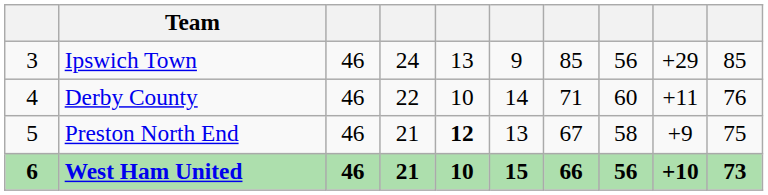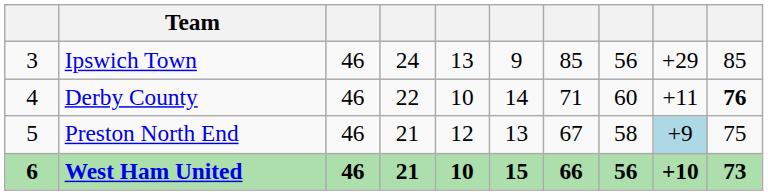 <table class="wikitable" style="text-align:center">
 <tr>
 <th width="30"></th>
 <th width="175">Team</th>
 <th width="30"></th>
 <th width="30"></th>
 <th width="30"></th>
 <th width="30"></th>
 <th width="30"></th>
 <th width="30"></th>
 <th width="30"></th>
 <th width="30"></th>
 </tr>
 <tr>
 <td>3</td>
 <td align=left><a href='#'>Ipswich Town</a></td>
 <td>46</td>
 <td>24</td>
 <td>13</td>
 <td>9</td>
 <td>85</td>
 <td>56</td>
 <td>+29</td>
 <td>85</td>
 </tr>
 <tr>
 <td>4</td>
 <td align=left><a href='#'>Derby County</a></td>
 <td>46</td>
 <td>22</td>
 <td>10</td>
 <td>14</td>
 <td>71</td>
 <td>60</td>
 <td>+11</td>
-<td>76</td>
+<td><strong>76</strong></td>
 </tr>
 <tr>
 <td>5</td>
 <td align=left><a href='#'>Preston North End</a></td>
 <td>46</td>
 <td>21</td>
-<td><strong>12</strong></td>
+<td>12</td>
 <td>13</td>
 <td>67</td>
 <td>58</td>
-<td>+9</td>
+<td style="background: lightblue;">+9</td>
 <td>75</td>
 </tr>
 <tr bgcolor=#ADDFAD>
 <td><strong>6</strong></td>
 <td align=left><strong><a href='#'>West Ham United</a></strong></td>
 <td><strong>46</strong></td>
 <td><strong>21</strong></td>
 <td><strong>10</strong></td>
 <td><strong>15</strong></td>
 <td><strong>66</strong></td>
 <td><strong>56</strong></td>
 <td><strong>+10</strong></td>
 <td><strong>73</strong></td>
 </tr>
 </table>
